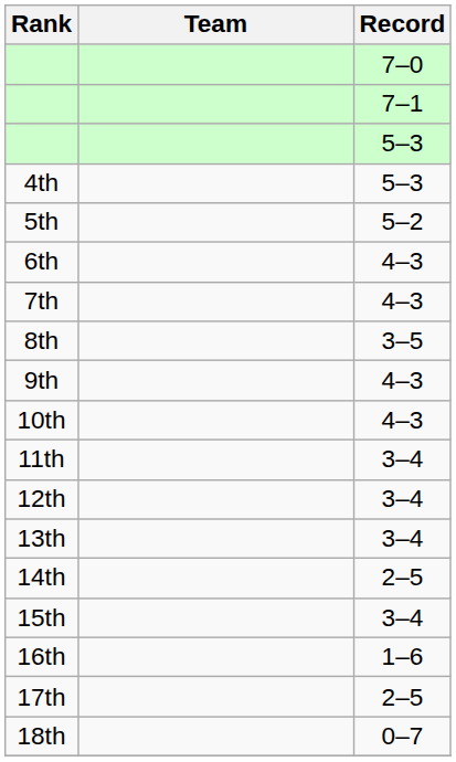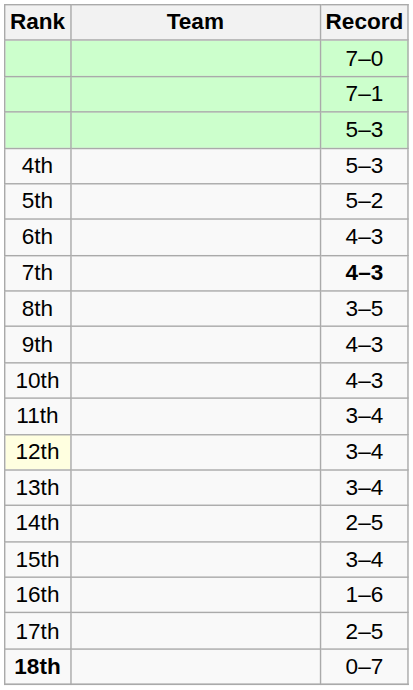 <table class=wikitable style="text-align:center;">
 <tr>
 <th>Rank</th>
 <th width=170>Team</th>
 <th>Record</th>
 </tr>
 <tr bgcolor=#ccffcc>
 <td></td>
 <td align=left></td>
 <td>7–0</td>
 </tr>
 <tr bgcolor=#ccffcc>
 <td></td>
 <td align=left></td>
 <td>7–1</td>
 </tr>
 <tr bgcolor=#ccffcc>
 <td></td>
 <td align=left></td>
 <td>5–3</td>
 </tr>
 <tr>
 <td>4th</td>
 <td align=left></td>
 <td>5–3</td>
 </tr>
 <tr>
 <td>5th</td>
 <td align=left></td>
 <td>5–2</td>
 </tr>
 <tr>
 <td>6th</td>
 <td align=left></td>
 <td>4–3</td>
 </tr>
 <tr>
 <td>7th</td>
 <td align=left></td>
-<td>4–3</td>
+<td><strong>4–3</strong></td>
 </tr>
 <tr>
 <td>8th</td>
 <td align=left></td>
 <td>3–5</td>
 </tr>
 <tr>
 <td>9th</td>
 <td align=left></td>
 <td>4–3</td>
 </tr>
 <tr>
 <td>10th</td>
 <td align=left></td>
 <td>4–3</td>
 </tr>
 <tr>
 <td>11th</td>
 <td align=left></td>
 <td>3–4</td>
 </tr>
 <tr>
-<td>12th</td>
+<td style="background: lightyellow;">12th</td>
 <td align=left></td>
 <td>3–4</td>
 </tr>
 <tr>
 <td>13th</td>
 <td align=left></td>
 <td>3–4</td>
 </tr>
 <tr>
 <td>14th</td>
 <td align=left></td>
 <td>2–5</td>
 </tr>
 <tr>
 <td>15th</td>
 <td align=left></td>
 <td>3–4</td>
 </tr>
 <tr>
 <td>16th</td>
 <td align=left></td>
 <td>1–6</td>
 </tr>
 <tr>
 <td>17th</td>
 <td align=left></td>
 <td>2–5</td>
 </tr>
 <tr>
-<td>18th</td>
+<td><strong>18th</strong></td>
 <td align=left></td>
 <td>0–7</td>
 </tr>
 <tr>
 </tr>
 </table>
